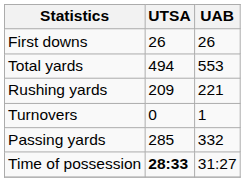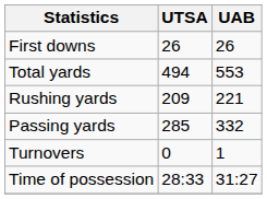 <table class="wikitable">
 <tr>
 <th>Statistics</th>
 <th>UTSA</th>
 <th>UAB</th>
 </tr>
 <tr>
 <td>First downs</td>
 <td>26</td>
 <td>26</td>
 </tr>
 <tr>
 <td>Total yards</td>
 <td>494</td>
 <td>553</td>
 </tr>
 <tr>
 <td>Rushing yards</td>
 <td>209</td>
 <td>221</td>
 </tr>
 <tr>
+<td>Passing yards</td>
+<td>285</td>
+<td>332</td>
+</tr>
+<tr>
 <td>Turnovers</td>
 <td>0</td>
 <td>1</td>
 </tr>
 <tr>
-<td>Passing yards</td>
-<td>285</td>
-<td>332</td>
-</tr>
-<tr>
 <td>Time of possession</td>
-<td><strong>28:33</strong></td>
+<td>28:33</td>
 <td>31:27</td>
 </tr>
 <tr>
 </tr>
 </table>
